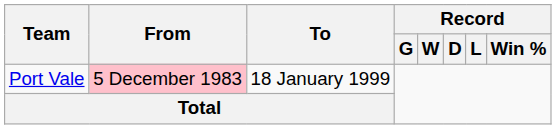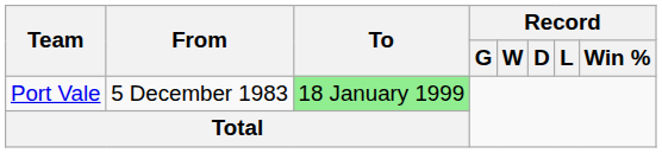 <table class="wikitable" style="text-align: center">
 <tr>
 <th rowspan="2">Team</th>
 <th rowspan="2">From</th>
 <th rowspan="2">To</th>
 <th colspan="5">Record</th>
 </tr>
 <tr>
 <th>G</th>
 <th>W</th>
 <th>D</th>
 <th>L</th>
 <th>Win %</th>
 </tr>
 <tr>
 <td align=left><a href='#'>Port Vale</a></td>
-<td align=left style="background: pink;">5 December 1983</td>
-<td align=left>18 January 1999<br></td>
+<td align=left>5 December 1983</td>
+<td align=left style="background: lightgreen;">18 January 1999<br></td>
 </tr>
 <tr>
 <th colspan="3">Total<br></th>
 </tr>
 </table>
